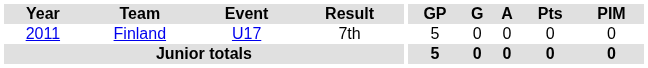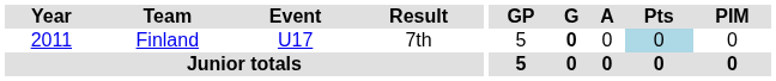 <table border="0" cellpadding="1" cellspacing="0" ID="Table3" style="text-align:center; width:40em">
 <tr ALIGN="center" bgcolor="#e0e0e0">
 <th>Year</th>
 <th>Team</th>
 <th>Event</th>
 <th>Result</th>
 <th rowspan="99" bgcolor="#ffffff"></th>
 <th>GP</th>
 <th>G</th>
 <th>A</th>
 <th>Pts</th>
 <th>PIM</th>
 </tr>
 <tr>
 <td><a href='#'>2011</a></td>
 <td><a href='#'>Finland</a></td>
 <td><a href='#'>U17</a></td>
 <td>7th</td>
 <td>5</td>
+<td><strong>0</strong></td>
 <td>0</td>
-<td>0</td>
-<td>0</td>
+<td style="background: lightblue;">0</td>
 <td>0</td>
 </tr>
 <tr bgcolor="#e0e0e0">
 <th colspan="4">Junior totals</th>
 <th>5</th>
 <th>0</th>
 <th>0</th>
 <th>0</th>
 <th>0</th>
 </tr>
 </table>
